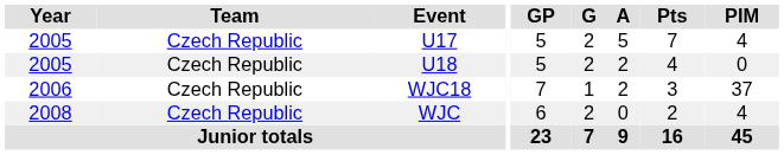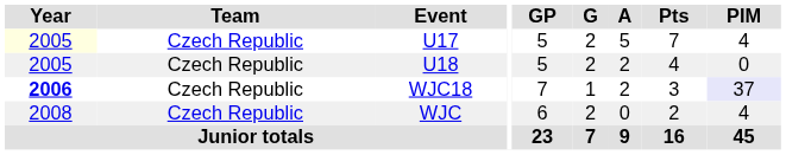 <table border="0" cellpadding="1" cellspacing="0" ID="Table3" style="text-align:center; width:40em">
 <tr ALIGN="center" bgcolor="#e0e0e0">
 <th>Year</th>
 <th>Team</th>
 <th>Event</th>
 <th rowspan="99" bgcolor="#ffffff"></th>
 <th>GP</th>
 <th>G</th>
 <th>A</th>
 <th>Pts</th>
 <th>PIM</th>
 </tr>
 <tr>
-<td><a href='#'>2005</a></td>
+<td style="background: lightyellow;"><a href='#'>2005</a></td>
 <td><a href='#'>Czech Republic</a></td>
 <td><a href='#'>U17</a></td>
 <td>5</td>
 <td>2</td>
 <td>5</td>
 <td>7</td>
 <td>4</td>
 </tr>
 <tr bgcolor="#f0f0f0">
 <td><a href='#'>2005</a></td>
 <td>Czech Republic</td>
 <td><a href='#'>U18</a></td>
 <td>5</td>
 <td>2</td>
 <td>2</td>
 <td>4</td>
 <td>0</td>
 </tr>
 <tr>
-<td><a href='#'>2006</a></td>
+<td><strong><a href='#'>2006</a></strong></td>
 <td>Czech Republic</td>
 <td><a href='#'>WJC18</a></td>
 <td>7</td>
 <td>1</td>
 <td>2</td>
 <td>3</td>
-<td>37</td>
+<td style="background: lavender;">37</td>
 </tr>
 <tr bgcolor="#f0f0f0">
 <td><a href='#'>2008</a></td>
 <td><a href='#'>Czech Republic</a></td>
 <td><a href='#'>WJC</a></td>
 <td>6</td>
 <td>2</td>
 <td>0</td>
 <td>2</td>
 <td>4</td>
 </tr>
 <tr bgcolor="#e0e0e0">
 <th colspan="3">Junior totals</th>
 <th>23</th>
 <th>7</th>
 <th>9</th>
 <th>16</th>
 <th>45</th>
 </tr>
 </table>
